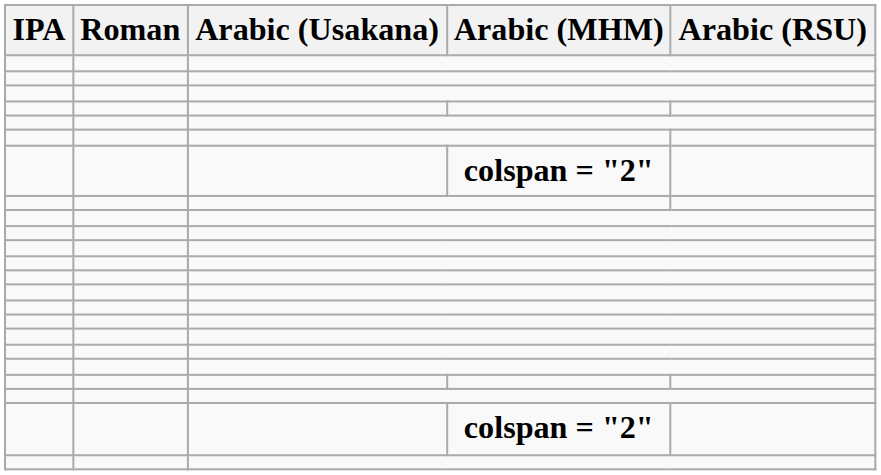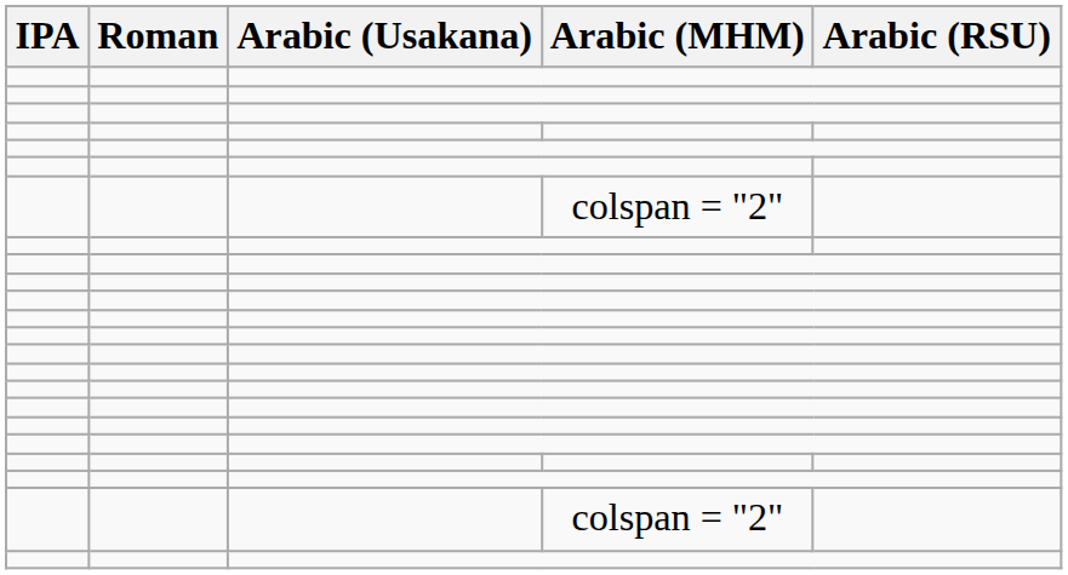 <table class="wikitable" style="text-align: center;">
 <tr>
 <th>IPA</th>
 <th>Roman</th>
 <th>Arabic (Usakana)</th>
 <th>Arabic (MHM)</th>
 <th>Arabic (RSU)</th>
 </tr>
 <tr>
 <td></td>
 <td></td>
 <td colspan = "3"></td>
 </tr>
 <tr>
 <td></td>
 <td></td>
 <td colspan = "3"></td>
 </tr>
 <tr>
 <td></td>
 <td></td>
 <td colspan = "3"></td>
 </tr>
 <tr>
 <td></td>
 <td></td>
 <td></td>
 <td></td>
 <td></td>
 </tr>
 <tr>
 <td></td>
 <td></td>
 <td colspan = "3"></td>
 </tr>
 <tr>
 <td></td>
 <td></td>
 <td colspan = "2"></td>
 <td></td>
 </tr>
 <tr>
 <td></td>
 <td></td>
 <td></td>
-<td><strong>colspan = "2" </strong></td>
+<td>colspan = "2" </td>
 </tr>
 <tr>
 <td></td>
 <td></td>
 <td colspan = "2"></td>
 <td></td>
 </tr>
 <tr>
 <td></td>
 <td></td>
 <td colspan = "3"></td>
 </tr>
 <tr>
 <td></td>
 <td></td>
 <td colspan = "3"></td>
 </tr>
 <tr>
 <td></td>
 <td></td>
 <td colspan = "3"></td>
 </tr>
 <tr>
 <td></td>
 <td></td>
 <td colspan = "3"></td>
 </tr>
 <tr>
 <td></td>
 <td></td>
 <td colspan = "3"></td>
 </tr>
 <tr>
 <td></td>
 <td></td>
 <td colspan = "3"></td>
 </tr>
 <tr>
 <td></td>
 <td></td>
 <td colspan = "3"></td>
 </tr>
 <tr>
 <td></td>
 <td></td>
 <td colspan = "3"></td>
 </tr>
 <tr>
 <td></td>
 <td></td>
 <td colspan = "3"></td>
 </tr>
 <tr>
 <td></td>
 <td></td>
 <td colspan = "3"></td>
 </tr>
 <tr>
 <td></td>
 <td></td>
 <td colspan = "3"></td>
 </tr>
 <tr>
 <td></td>
 <td></td>
 <td></td>
 <td></td>
 <td></td>
 </tr>
 <tr>
 <td></td>
 <td></td>
 <td colspan = "3"></td>
 </tr>
 <tr>
 </tr>
 <tr>
 <td></td>
 <td></td>
 <td></td>
-<td><strong>colspan = "2" </strong></td>
+<td>colspan = "2" </td>
 </tr>
 <tr>
 <td></td>
 <td></td>
 <td colspan = "3"></td>
 </tr>
 </table>
